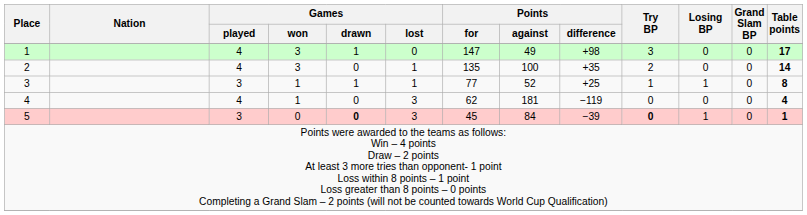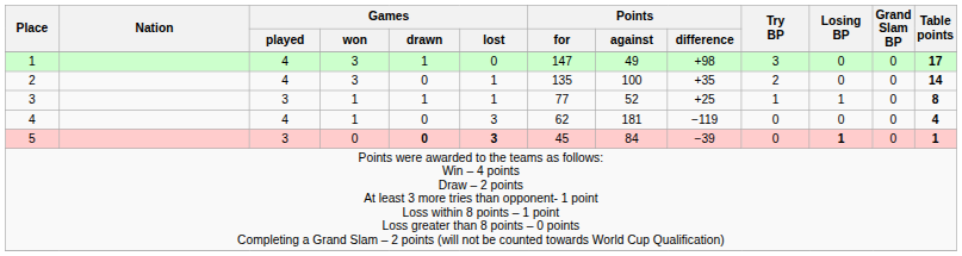 <table class="wikitable">
 <tr>
 <th rowspan=2 width="6%">Place</th>
 <th rowspan=2 width="23%">Nation</th>
 <th colspan=4 width="40%">Games</th>
 <th colspan=3 width="24%">Points</th>
 <th rowspan=2 width="8%">Try<br>BP</th>
 <th rowspan=2 width="8%">Losing<br>BP</th>
 <th rowspan=2 width="8%">Grand Slam<br>BP</th>
 <th rowspan=2 width="10%">Table<br>points</th>
 </tr>
 <tr>
 <th width="8%">played</th>
 <th width="8%">won</th>
 <th width="8%">drawn</th>
 <th width="8%">lost</th>
 <th width="8%">for</th>
 <th width="8%">against</th>
 <th width="8%">difference</th>
 </tr>
 <tr>
 </tr>
 <tr align=center bgcolor=ccffcc>
 <td>1</td>
 <td align=left></td>
 <td>4</td>
 <td>3</td>
 <td>1</td>
 <td>0</td>
 <td>147</td>
 <td>49</td>
 <td>+98</td>
 <td>3</td>
 <td>0</td>
 <td>0</td>
 <td><strong>17</strong></td>
 </tr>
 <tr align=center>
 <td>2</td>
 <td align=left></td>
 <td>4</td>
 <td>3</td>
 <td>0</td>
 <td>1</td>
 <td>135</td>
 <td>100</td>
 <td>+35</td>
 <td>2</td>
 <td>0</td>
 <td>0</td>
 <td><strong>14</strong></td>
 </tr>
 <tr align=center>
 <td>3</td>
 <td align=left></td>
 <td>3</td>
 <td>1</td>
 <td>1</td>
 <td>1</td>
 <td>77</td>
 <td>52</td>
 <td>+25</td>
 <td>1</td>
 <td>1</td>
 <td>0</td>
 <td><strong>8</strong></td>
 </tr>
 <tr align=center>
 <td>4</td>
 <td align=left></td>
 <td>4</td>
 <td>1</td>
 <td>0</td>
 <td>3</td>
 <td>62</td>
 <td>181</td>
 <td>−119</td>
 <td>0</td>
 <td>0</td>
 <td>0</td>
 <td><strong>4</strong></td>
 </tr>
 <tr align=center bgcolor="#ffcccc">
 <td>5</td>
 <td align=left></td>
 <td>3</td>
 <td>0</td>
 <td><strong>0</strong></td>
-<td>3</td>
+<td><strong>3</strong></td>
 <td>45</td>
 <td>84</td>
 <td>−39</td>
-<td><strong>0</strong></td>
-<td>1</td>
+<td>0</td>
+<td><strong>1</strong></td>
 <td>0</td>
 <td><strong>1</strong></td>
 </tr>
 <tr>
 <td colspan="100%" style="text-align:center;">Points were awarded to the teams as follows:<br>Win – 4 points<br>Draw – 2 points<br> At least 3 more tries than opponent- 1 point<br> Loss within 8 points – 1 point<br>Loss greater than 8 points – 0 points<br>Completing a Grand Slam – 2 points (will not be counted towards World Cup Qualification)</td>
 </tr>
 <tr>
 </tr>
 </table>
